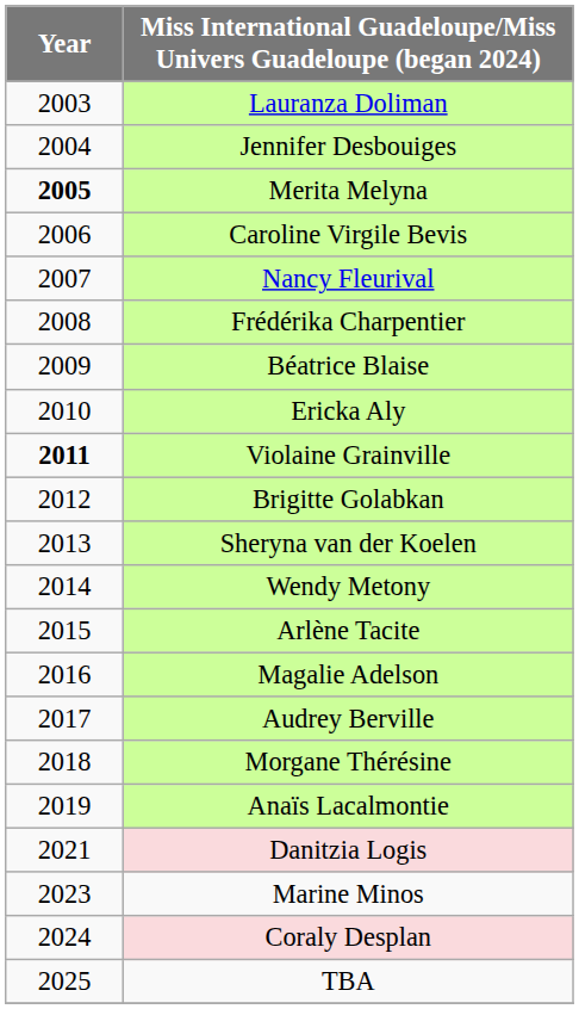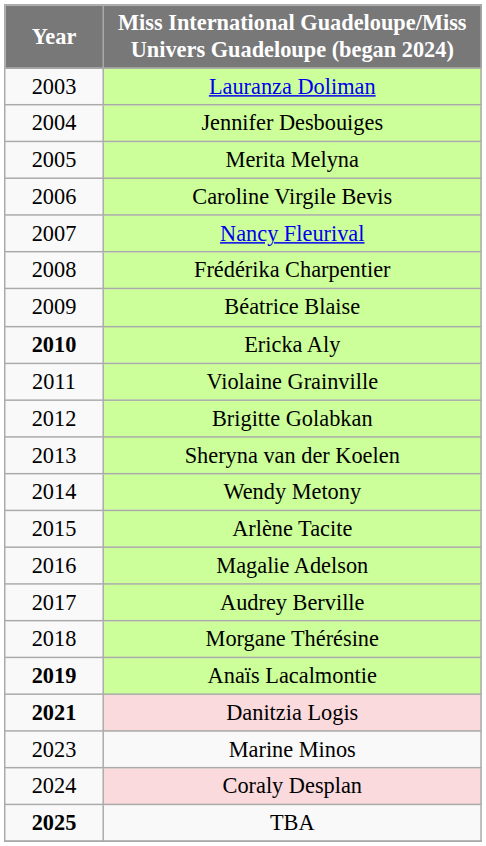 <table class="wikitable sortable" style="font-size: 95%; text-align:center">
 <tr>
 <th width="60" style="background-color:#787878;color:#FFFFFF;">Year</th>
 <th width="250" style="background-color:#787878;color:#FFFFFF;">Miss International Guadeloupe/Miss Univers Guadeloupe (began 2024)</th>
 </tr>
 <tr>
 <td>2003</td>
 <td style="background:#CCFF99;"><a href='#'>Lauranza Doliman</a></td>
 </tr>
 <tr>
 <td>2004</td>
 <td style="background:#CCFF99;">Jennifer Desbouiges</td>
 </tr>
 <tr>
-<td><strong>2005</strong></td>
+<td>2005</td>
 <td style="background:#CCFF99;">Merita Melyna</td>
 </tr>
 <tr>
 <td>2006</td>
 <td style="background:#CCFF99;">Caroline Virgile Bevis</td>
 </tr>
 <tr>
 <td>2007</td>
 <td style="background:#CCFF99;"><a href='#'>Nancy Fleurival</a></td>
 </tr>
 <tr>
 <td>2008</td>
 <td style="background:#CCFF99;">Frédérika Charpentier</td>
 </tr>
 <tr>
 <td>2009</td>
 <td style="background:#CCFF99;">Béatrice Blaise</td>
 </tr>
 <tr>
-<td>2010</td>
+<td><strong>2010</strong></td>
 <td style="background:#CCFF99;">Ericka Aly</td>
 </tr>
 <tr>
-<td><strong>2011</strong></td>
+<td>2011</td>
 <td style="background:#CCFF99;">Violaine Grainville</td>
 </tr>
 <tr>
 <td>2012</td>
 <td style="background:#CCFF99;">Brigitte Golabkan</td>
 </tr>
 <tr>
 <td>2013</td>
 <td style="background:#CCFF99;">Sheryna van der Koelen</td>
 </tr>
 <tr>
 <td>2014</td>
 <td style="background:#CCFF99;">Wendy Metony</td>
 </tr>
 <tr>
 <td>2015</td>
 <td style="background:#CCFF99;">Arlène Tacite</td>
 </tr>
 <tr>
 <td>2016</td>
 <td style="background:#CCFF99;">Magalie Adelson</td>
 </tr>
 <tr>
 <td>2017</td>
 <td style="background:#CCFF99;">Audrey Berville</td>
 </tr>
 <tr>
 <td>2018</td>
 <td style="background:#CCFF99;">Morgane Thérésine</td>
 </tr>
 <tr>
-<td>2019</td>
+<td><strong>2019</strong></td>
 <td style="background:#CCFF99;">Anaïs Lacalmontie</td>
 </tr>
 <tr>
-<td>2021</td>
+<td><strong>2021</strong></td>
 <td style="background:#FADADD;">Danitzia Logis</td>
 </tr>
 <tr>
 <td>2023</td>
 <td>Marine Minos<br></td>
 </tr>
 <tr>
 <td>2024</td>
 <td style="background:#FADADD;">Coraly Desplan</td>
 </tr>
 <tr>
-<td>2025</td>
+<td><strong>2025</strong></td>
 <td>TBA</td>
 </tr>
 <tr>
 </tr>
 </table>
